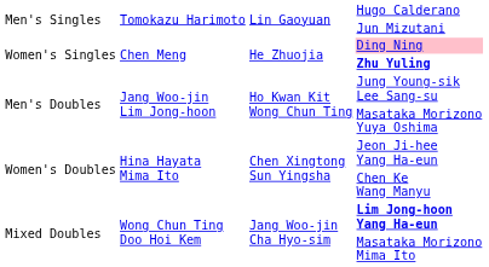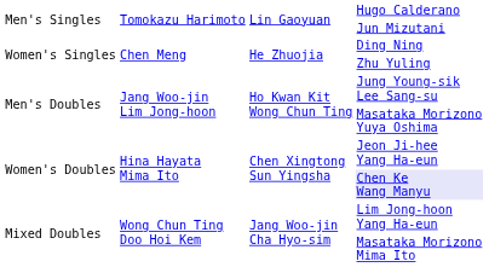 <table>
 <tr>
 <td rowspan=2>Men's Singles <br></td>
 <td rowspan=2> <a href='#'>Tomokazu Harimoto</a></td>
 <td rowspan=2> <a href='#'>Lin Gaoyuan</a></td>
 <td> <a href='#'>Hugo Calderano</a></td>
 </tr>
 <tr>
 <td> <a href='#'>Jun Mizutani</a></td>
 </tr>
 <tr>
 <td rowspan=2>Women's Singles <br></td>
 <td rowspan=2> <a href='#'>Chen Meng</a></td>
 <td rowspan=2> <a href='#'>He Zhuojia</a></td>
-<td style="background: pink;"> <a href='#'>Ding Ning</a></td>
+<td> <a href='#'>Ding Ning</a></td>
 </tr>
 <tr>
-<td><strong> <a href='#'>Zhu Yuling</a></strong></td>
+<td> <a href='#'>Zhu Yuling</a></td>
 </tr>
 <tr>
 <td rowspan=2>Men's Doubles <br></td>
 <td rowspan=2> <a href='#'>Jang Woo-jin</a><br> <a href='#'>Lim Jong-hoon</a></td>
 <td rowspan=2> <a href='#'>Ho Kwan Kit</a><br> <a href='#'>Wong Chun Ting</a></td>
 <td> <a href='#'>Jung Young-sik</a><br> <a href='#'>Lee Sang-su</a></td>
 </tr>
 <tr>
 <td> <a href='#'>Masataka Morizono</a><br> <a href='#'>Yuya Oshima</a></td>
 </tr>
 <tr>
 <td rowspan=2>Women's Doubles <br></td>
 <td rowspan=2> <a href='#'>Hina Hayata</a><br> <a href='#'>Mima Ito</a></td>
 <td rowspan=2> <a href='#'>Chen Xingtong</a><br> <a href='#'>Sun Yingsha</a></td>
 <td> <a href='#'>Jeon Ji-hee</a><br> <a href='#'>Yang Ha-eun</a></td>
 </tr>
 <tr>
-<td> <a href='#'>Chen Ke</a><br> <a href='#'>Wang Manyu</a></td>
+<td style="background: lavender;"> <a href='#'>Chen Ke</a><br> <a href='#'>Wang Manyu</a></td>
 </tr>
 <tr>
 <td rowspan=2>Mixed Doubles <br></td>
 <td rowspan=2> <a href='#'>Wong Chun Ting</a><br> <a href='#'>Doo Hoi Kem</a></td>
 <td rowspan=2> <a href='#'>Jang Woo-jin</a><br> <a href='#'>Cha Hyo-sim</a></td>
-<td><strong> <a href='#'>Lim Jong-hoon</a><br> <a href='#'>Yang Ha-eun</a></strong></td>
+<td> <a href='#'>Lim Jong-hoon</a><br> <a href='#'>Yang Ha-eun</a></td>
 </tr>
 <tr>
 <td> <a href='#'>Masataka Morizono</a><br> <a href='#'>Mima Ito</a></td>
 </tr>
 </table>
